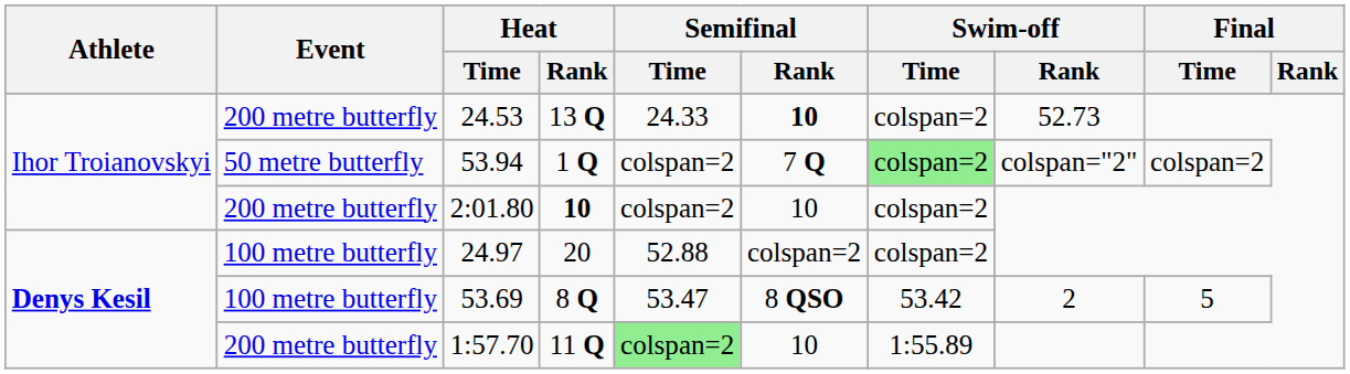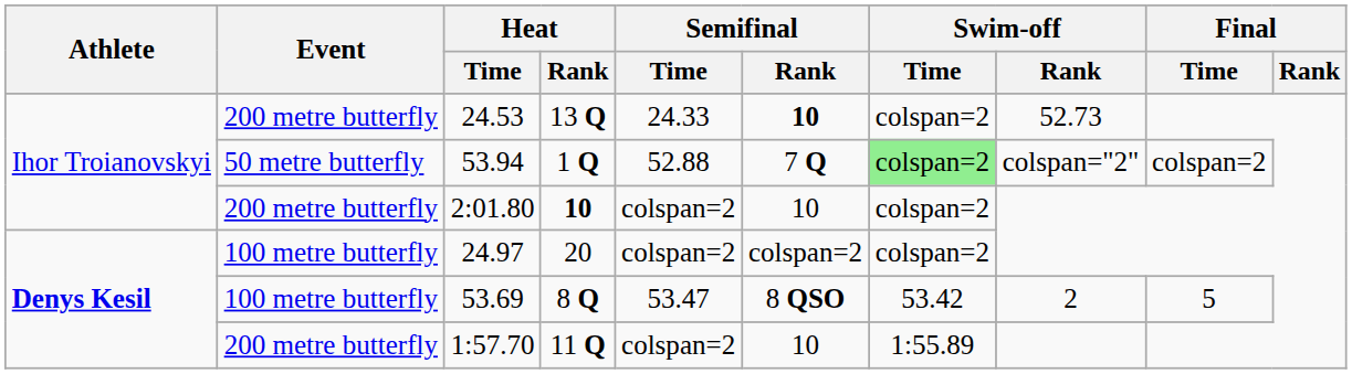 <table class=wikitable style="font-size:90%">
 <tr>
 <th rowspan="2">Athlete</th>
 <th rowspan="2">Event</th>
 <th colspan="2">Heat</th>
 <th colspan="2">Semifinal</th>
 <th colspan="2">Swim-off</th>
 <th colspan="2">Final</th>
 </tr>
 <tr style="font-size:95%">
 <th>Time</th>
 <th>Rank</th>
 <th>Time</th>
 <th>Rank</th>
 <th>Time</th>
 <th>Rank</th>
 <th>Time</th>
 <th>Rank</th>
 </tr>
 <tr align=center>
 <td align=left rowspan=3><a href='#'>Ihor Troianovskyi</a></td>
 <td align=left><a href='#'>200 metre butterfly</a></td>
 <td>24.53</td>
 <td>13 <strong>Q</strong></td>
 <td>24.33</td>
 <td><strong>10</strong></td>
 <td>colspan=2 </td>
 <td>52.73</td>
 </tr>
 <tr align=center>
 <td align=left><a href='#'>50 metre butterfly</a></td>
 <td>53.94</td>
 <td>1 <strong>Q</strong></td>
-<td>colspan=2 </td>
+<td>52.88</td>
 <td>7 <strong>Q</strong></td>
 <td style="background: lightgreen;">colspan=2 </td>
 <td>colspan="2" </td>
 <td>colspan=2 </td>
 </tr>
 <tr align=center>
 <td align=left><a href='#'>200 metre butterfly</a></td>
 <td>2:01.80</td>
 <td><strong>10</strong></td>
 <td>colspan=2 </td>
 <td>10</td>
 <td>colspan=2 </td>
 </tr>
 <tr align=center>
 <td align=left rowspan=3><strong><a href='#'>Denys Kesil</a></strong></td>
 <td align=left><a href='#'>100 metre butterfly</a></td>
 <td>24.97</td>
 <td>20</td>
-<td>52.88</td>
+<td>colspan=2 </td>
 <td>colspan=2 </td>
 <td>colspan=2 </td>
 </tr>
 <tr align=center>
 <td align=left><a href='#'>100 metre butterfly</a></td>
 <td>53.69</td>
 <td>8 <strong>Q</strong></td>
 <td>53.47</td>
 <td>8 <strong>QSO</strong></td>
 <td>53.42</td>
 <td>2</td>
 <td>5</td>
 </tr>
 <tr align=center>
 <td align=left><a href='#'>200 metre butterfly</a></td>
 <td>1:57.70</td>
 <td>11 <strong>Q</strong></td>
-<td style="background: lightgreen;">colspan=2 </td>
+<td>colspan=2 </td>
 <td>10</td>
 <td>1:55.89</td>
 <td></td>
 </tr>
 </table>
